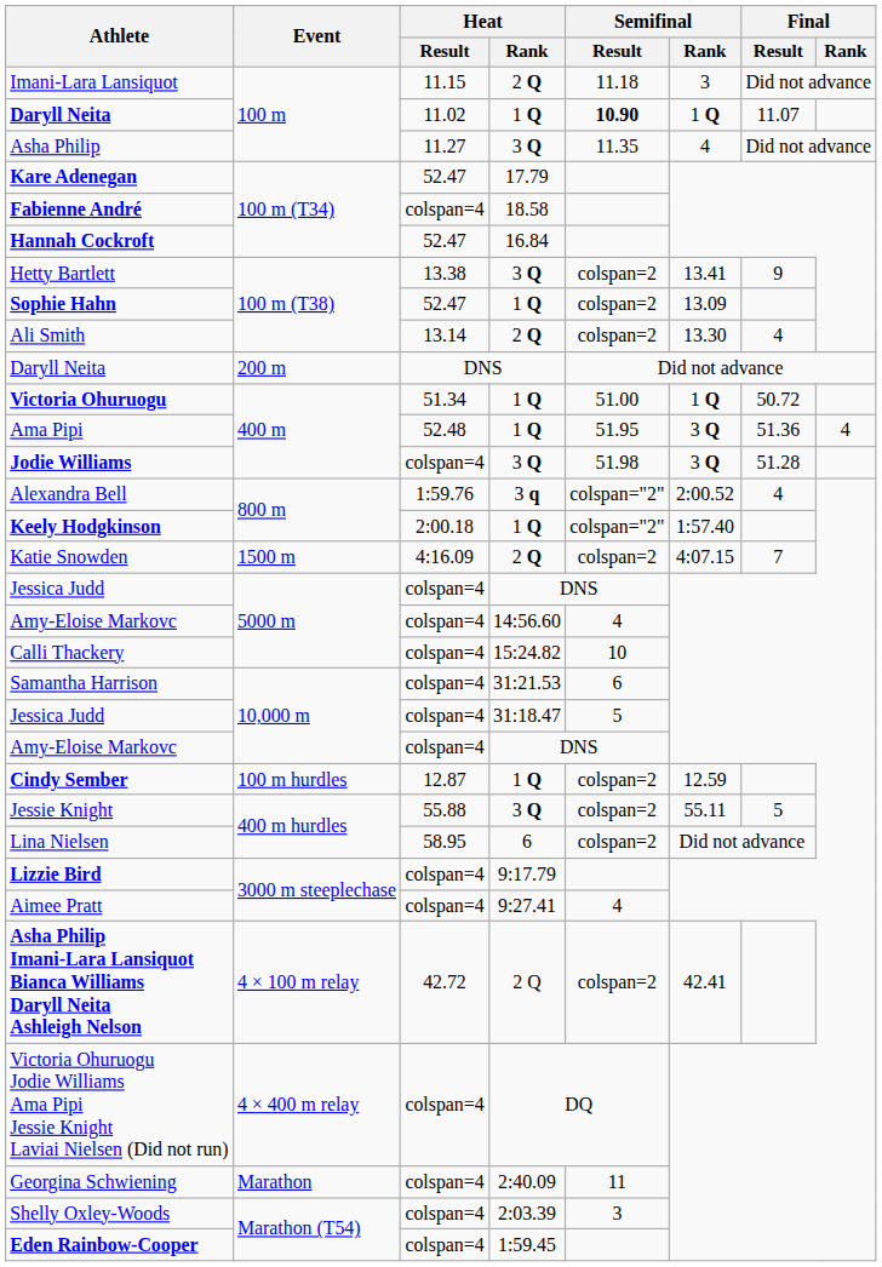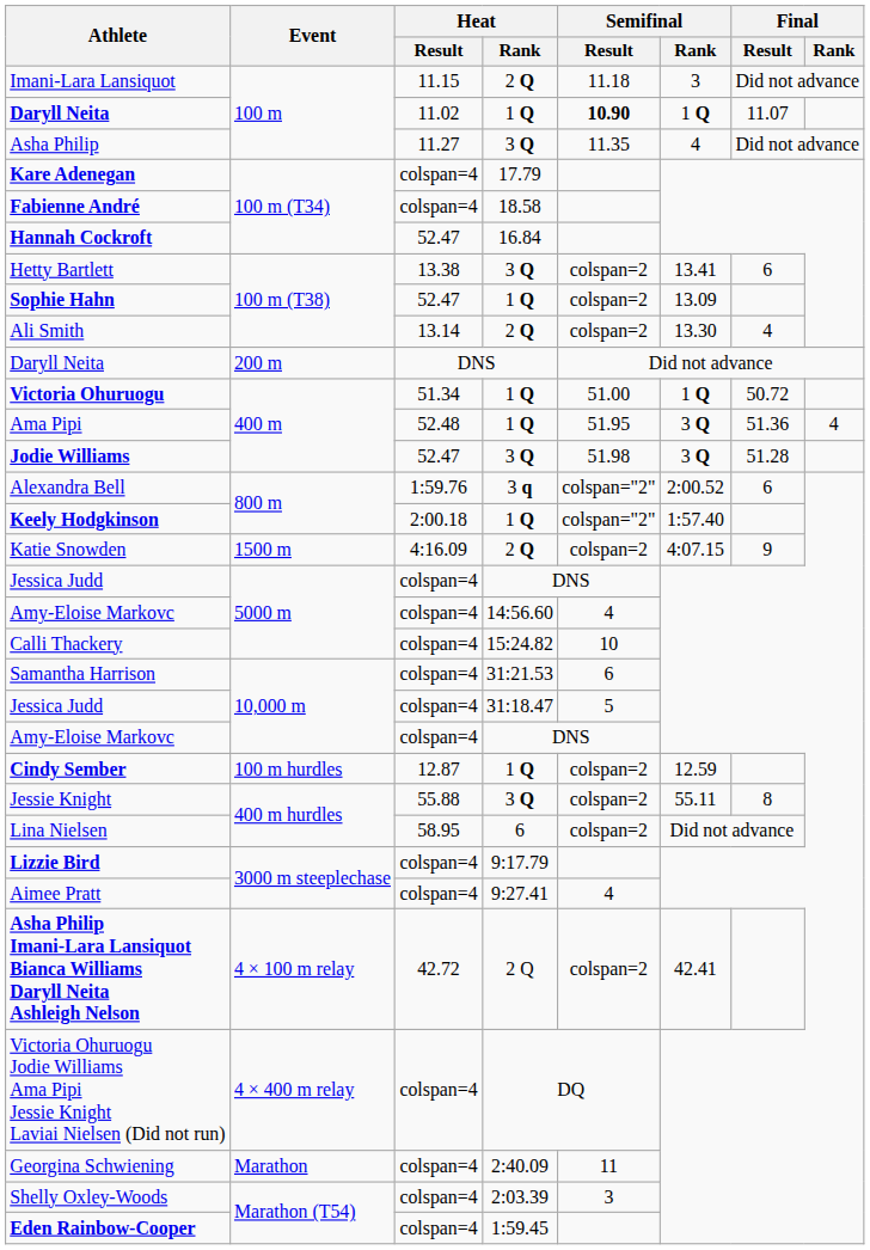 <table class="wikitable" style="font-size:90%; text-align:center">
 <tr>
 <th rowspan=2>Athlete</th>
 <th rowspan=2>Event</th>
 <th colspan=2>Heat</th>
 <th colspan=2>Semifinal</th>
 <th colspan=2>Final</th>
 </tr>
 <tr style="font-size:95%">
 <th>Result</th>
 <th>Rank</th>
 <th>Result</th>
 <th>Rank</th>
 <th>Result</th>
 <th>Rank</th>
 </tr>
 <tr>
 <td align=left><a href='#'>Imani-Lara Lansiquot</a></td>
 <td rowspan="3" align="left"><a href='#'>100 m</a></td>
 <td>11.15</td>
 <td>2 <strong>Q</strong></td>
 <td>11.18</td>
 <td>3</td>
 <td colspan=2>Did not advance</td>
 </tr>
 <tr>
 <td align=left><strong><a href='#'>Daryll Neita</a></strong></td>
 <td>11.02</td>
 <td>1 <strong>Q</strong></td>
 <td><strong>10.90</strong></td>
 <td>1 <strong>Q</strong></td>
 <td>11.07</td>
 <td></td>
 </tr>
 <tr>
 <td align=left><a href='#'>Asha Philip</a></td>
 <td>11.27</td>
 <td>3 <strong>Q</strong></td>
 <td>11.35</td>
 <td>4</td>
 <td colspan=2>Did not advance</td>
 </tr>
 <tr>
 <td align=left><strong><a href='#'>Kare Adenegan</a></strong></td>
 <td align=left rowspan=3><a href='#'>100 m (T34)</a></td>
-<td>52.47</td>
+<td>colspan=4 </td>
 <td>17.79</td>
 <td></td>
 </tr>
 <tr>
 <td align=left><strong><a href='#'>Fabienne André</a></strong></td>
 <td>colspan=4 </td>
 <td>18.58</td>
 <td></td>
 </tr>
 <tr>
 <td align=left><strong><a href='#'>Hannah Cockroft</a></strong></td>
 <td>52.47</td>
 <td>16.84</td>
 <td></td>
 </tr>
 <tr>
 <td align=left><a href='#'>Hetty Bartlett</a></td>
 <td align=left rowspan=3><a href='#'>100 m (T38)</a></td>
 <td>13.38</td>
 <td>3 <strong>Q</strong></td>
 <td>colspan=2 </td>
 <td>13.41</td>
-<td>9</td>
+<td>6</td>
 </tr>
 <tr>
 <td align=left><strong><a href='#'>Sophie Hahn</a></strong></td>
 <td>52.47</td>
 <td>1 <strong>Q</strong></td>
 <td>colspan=2 </td>
 <td>13.09</td>
 <td></td>
 </tr>
 <tr>
 <td align=left><a href='#'>Ali Smith</a></td>
 <td>13.14</td>
 <td>2 <strong>Q</strong></td>
 <td>colspan=2 </td>
 <td>13.30</td>
 <td>4</td>
 </tr>
 <tr>
 <td align=left><a href='#'>Daryll Neita</a></td>
 <td align=left><a href='#'>200 m</a></td>
 <td colspan=2>DNS</td>
 <td colspan=4>Did not advance</td>
 </tr>
 <tr>
 <td align=left><strong><a href='#'>Victoria Ohuruogu</a></strong></td>
 <td align=left rowspan=3><a href='#'>400 m</a></td>
 <td>51.34</td>
 <td>1 <strong>Q</strong></td>
 <td>51.00</td>
 <td>1 <strong>Q</strong></td>
 <td>50.72</td>
 <td></td>
 </tr>
 <tr>
 <td align=left><a href='#'>Ama Pipi</a></td>
 <td>52.48</td>
 <td>1 <strong>Q</strong></td>
 <td>51.95</td>
 <td>3 <strong>Q</strong></td>
 <td>51.36</td>
 <td>4</td>
 </tr>
 <tr>
 <td align=left><strong><a href='#'>Jodie Williams</a></strong></td>
-<td>colspan=4 </td>
+<td>52.47</td>
 <td>3 <strong>Q</strong></td>
 <td>51.98</td>
 <td>3 <strong>Q</strong></td>
 <td>51.28</td>
 <td></td>
 </tr>
 <tr>
 <td align=left><a href='#'>Alexandra Bell</a></td>
 <td align=left rowspan=2><a href='#'>800 m</a></td>
 <td>1:59.76</td>
 <td>3 <strong>q</strong></td>
 <td>colspan="2" </td>
 <td>2:00.52</td>
-<td>4</td>
+<td>6</td>
 </tr>
 <tr>
 <td align=left><strong><a href='#'>Keely Hodgkinson</a></strong></td>
 <td>2:00.18</td>
 <td>1 <strong>Q</strong></td>
 <td>colspan="2" </td>
 <td>1:57.40</td>
 <td></td>
 </tr>
 <tr>
 <td align=left><a href='#'>Katie Snowden</a></td>
 <td align=left><a href='#'>1500 m</a></td>
 <td>4:16.09</td>
 <td>2 <strong>Q</strong></td>
 <td>colspan=2 </td>
 <td>4:07.15</td>
-<td>7</td>
+<td>9</td>
 </tr>
 <tr>
 <td align=left><a href='#'>Jessica Judd</a></td>
 <td align=left rowspan=3><a href='#'>5000 m</a></td>
 <td>colspan=4 </td>
 <td colspan=2>DNS</td>
 </tr>
 <tr>
 <td align=left><a href='#'>Amy-Eloise Markovc</a></td>
 <td>colspan=4 </td>
 <td>14:56.60</td>
 <td>4</td>
 </tr>
 <tr>
 <td align=left><a href='#'>Calli Thackery</a></td>
 <td>colspan=4 </td>
 <td>15:24.82</td>
 <td>10</td>
 </tr>
 <tr>
 <td align=left><a href='#'>Samantha Harrison</a></td>
 <td align=left rowspan=3><a href='#'>10,000 m</a></td>
 <td>colspan=4 </td>
 <td>31:21.53</td>
 <td>6</td>
 </tr>
 <tr>
 <td align=left><a href='#'>Jessica Judd</a></td>
 <td>colspan=4 </td>
 <td>31:18.47</td>
 <td>5</td>
 </tr>
 <tr>
 <td align=left><a href='#'>Amy-Eloise Markovc</a></td>
 <td>colspan=4 </td>
 <td colspan=2>DNS</td>
 </tr>
 <tr>
 <td align=left><strong><a href='#'>Cindy Sember</a></strong></td>
 <td align=left><a href='#'>100 m hurdles</a></td>
 <td>12.87</td>
 <td>1 <strong>Q</strong></td>
 <td>colspan=2 </td>
 <td>12.59</td>
 <td></td>
 </tr>
 <tr>
 <td align=left><a href='#'>Jessie Knight</a></td>
 <td align=left rowspan=2><a href='#'>400 m hurdles</a></td>
 <td>55.88</td>
 <td>3 <strong>Q</strong></td>
 <td>colspan=2 </td>
 <td>55.11</td>
-<td>5</td>
+<td>8</td>
 </tr>
 <tr>
 <td align=left><a href='#'>Lina Nielsen</a></td>
 <td>58.95</td>
 <td>6</td>
 <td>colspan=2 </td>
 <td colspan=2>Did not advance</td>
 </tr>
 <tr>
 <td align=left><strong><a href='#'>Lizzie Bird</a></strong></td>
 <td align=left rowspan=2><a href='#'>3000 m steeplechase</a></td>
 <td>colspan=4 </td>
 <td>9:17.79</td>
 <td></td>
 </tr>
 <tr>
 <td align=left><a href='#'>Aimee Pratt</a></td>
 <td>colspan=4 </td>
 <td>9:27.41</td>
 <td>4</td>
 </tr>
 <tr>
 <td align=left><strong><a href='#'>Asha Philip</a></strong><br><strong><a href='#'>Imani-Lara Lansiquot</a></strong><br><strong><a href='#'>Bianca Williams</a></strong><br><strong><a href='#'>Daryll Neita</a></strong><br><strong><a href='#'>Ashleigh Nelson</a></strong></td>
 <td align=left><a href='#'>4 × 100 m relay</a></td>
 <td>42.72</td>
 <td>2 Q</td>
 <td>colspan=2 </td>
 <td>42.41</td>
 <td></td>
 </tr>
 <tr>
 <td align=left><a href='#'>Victoria Ohuruogu</a><br><a href='#'>Jodie Williams</a><br><a href='#'>Ama Pipi</a><br><a href='#'>Jessie Knight</a><br><a href='#'>Laviai Nielsen</a> (Did not run)</td>
 <td align=left><a href='#'>4 × 400 m relay</a></td>
 <td>colspan=4 </td>
 <td colspan=2>DQ</td>
 </tr>
 <tr>
 <td align=left><a href='#'>Georgina Schwiening</a></td>
 <td align=left><a href='#'>Marathon</a></td>
 <td>colspan=4 </td>
 <td>2:40.09</td>
 <td>11</td>
 </tr>
 <tr>
 <td align=left><a href='#'>Shelly Oxley-Woods</a></td>
 <td align=left rowspan=2><a href='#'>Marathon (T54)</a></td>
 <td>colspan=4 </td>
 <td>2:03.39</td>
 <td>3</td>
 </tr>
 <tr>
 <td align=left><strong><a href='#'>Eden Rainbow-Cooper</a></strong></td>
 <td>colspan=4 </td>
 <td>1:59.45</td>
 <td></td>
 </tr>
 </table>
